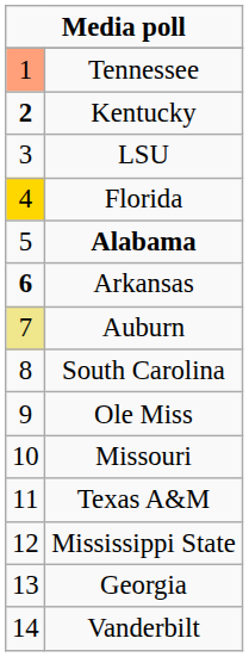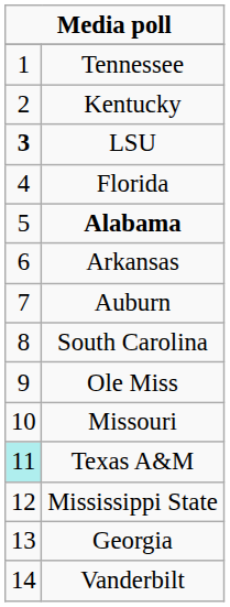 <table class="wikitable">
 <tr align="center">
 <td align="center" Colspan="3"><strong>Media poll</strong></td>
 </tr>
 <tr align="center">
 </tr>
 <tr align="center">
-<td style="background: lightsalmon;">1</td>
+<td>1</td>
 <td>Tennessee</td>
 </tr>
 <tr align="center">
-<td><strong>2</strong></td>
+<td>2</td>
 <td>Kentucky</td>
 </tr>
 <tr align="center">
-<td>3</td>
+<td><strong>3</strong></td>
 <td>LSU</td>
 </tr>
 <tr align="center">
-<td style="background: gold;">4</td>
+<td>4</td>
 <td>Florida</td>
 </tr>
 <tr align="center">
 <td>5</td>
 <td><strong>Alabama</strong></td>
 </tr>
 <tr align="center">
-<td><strong>6</strong></td>
+<td>6</td>
 <td>Arkansas</td>
 </tr>
 <tr align="center">
-<td style="background: khaki;">7</td>
+<td>7</td>
 <td>Auburn</td>
 </tr>
 <tr align="center">
 <td>8</td>
 <td>South Carolina</td>
 </tr>
 <tr align="center">
 <td>9</td>
 <td>Ole Miss</td>
 </tr>
 <tr align="center">
 <td>10</td>
 <td>Missouri</td>
 </tr>
 <tr align="center">
-<td>11</td>
+<td style="background: paleturquoise;">11</td>
 <td>Texas A&M</td>
 </tr>
 <tr align="center">
 <td>12</td>
 <td>Mississippi State</td>
 </tr>
 <tr align="center">
 <td>13</td>
 <td>Georgia</td>
 </tr>
 <tr align="center">
 <td>14</td>
 <td>Vanderbilt</td>
 </tr>
 </table>
